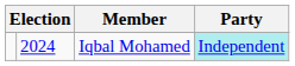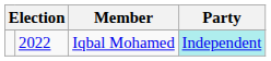 <table class="wikitable">
 <tr>
 <th colspan="2">Election</th>
 <th>Member</th>
 <th>Party</th>
 </tr>
 <tr>
 </tr>
 <tr>
 <td style="color:inherit;background-color: "></td>
-<td><a href='#'>2024</a></td>
+<td><a href='#'>2022</a></td>
 <td><a href='#'>Iqbal Mohamed</a></td>
 <td style="background: paleturquoise;"><a href='#'>Independent</a></td>
 </tr>
 </table>
